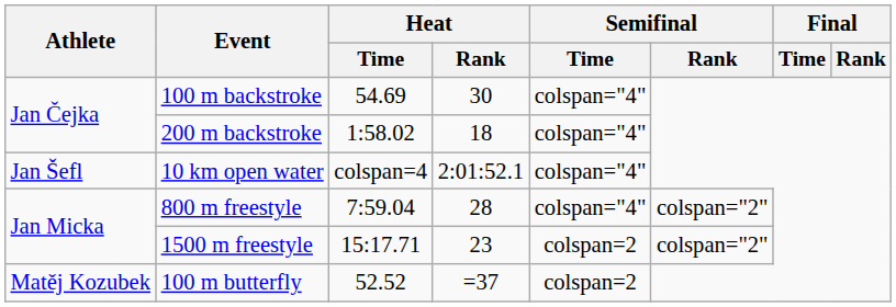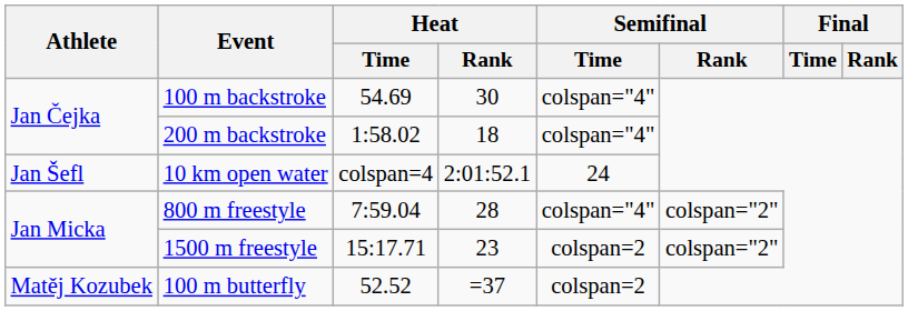 <table class=wikitable style="font-size:90%">
 <tr>
 <th rowspan="2">Athlete</th>
 <th rowspan="2">Event</th>
 <th colspan="2">Heat</th>
 <th colspan="2">Semifinal</th>
 <th colspan="2">Final</th>
 </tr>
 <tr style="font-size:95%">
 <th>Time</th>
 <th>Rank</th>
 <th>Time</th>
 <th>Rank</th>
 <th>Time</th>
 <th>Rank</th>
 </tr>
 <tr align=center>
 <td align=left rowspan=2><a href='#'>Jan Čejka</a></td>
 <td align=left><a href='#'>100 m backstroke</a></td>
 <td>54.69</td>
 <td>30</td>
 <td>colspan="4" </td>
 </tr>
 <tr align=center>
 <td align=left><a href='#'>200 m backstroke</a></td>
 <td>1:58.02</td>
 <td>18</td>
 <td>colspan="4" </td>
 </tr>
 <tr align=center>
 <td align=left><a href='#'>Jan Šefl</a></td>
 <td align=left><a href='#'>10 km open water</a></td>
 <td>colspan=4 </td>
 <td>2:01:52.1</td>
-<td>colspan="4" </td>
+<td>24</td>
 </tr>
 <tr align=center>
 <td align=left rowspan=2><a href='#'>Jan Micka</a></td>
 <td align=left><a href='#'>800 m freestyle</a></td>
 <td>7:59.04</td>
 <td>28</td>
 <td>colspan="4" </td>
 <td>colspan="2" </td>
 </tr>
 <tr align=center>
 <td align=left><a href='#'>1500 m freestyle</a></td>
 <td>15:17.71</td>
 <td>23</td>
 <td>colspan=2 </td>
 <td>colspan="2" </td>
 </tr>
 <tr align=center>
 <td align=left><a href='#'>Matěj Kozubek</a></td>
 <td align=left><a href='#'>100 m butterfly</a></td>
 <td>52.52</td>
 <td>=37</td>
 <td>colspan=2 </td>
 </tr>
 </table>
